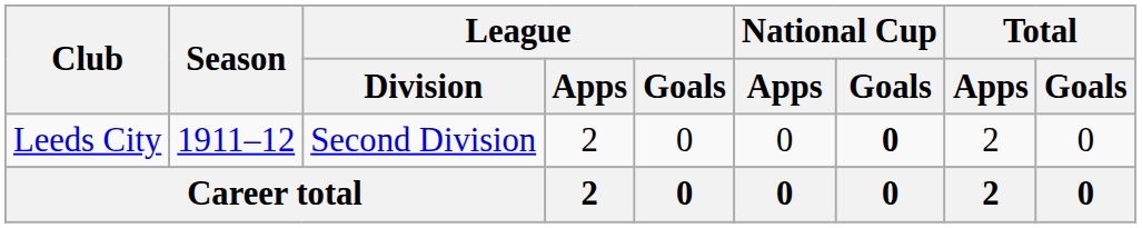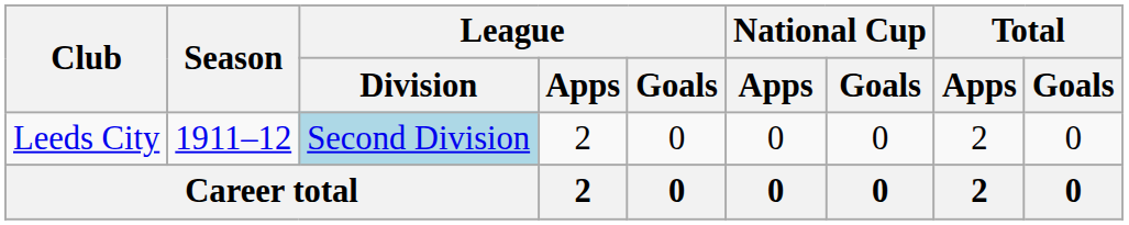 <table class="wikitable" style="text-align: center;">
 <tr>
 <th rowspan="2">Club</th>
 <th rowspan="2">Season</th>
 <th colspan="3">League</th>
 <th colspan="2">National Cup</th>
 <th colspan="2">Total</th>
 </tr>
 <tr>
 <th>Division</th>
 <th>Apps</th>
 <th>Goals</th>
 <th>Apps</th>
 <th>Goals</th>
 <th>Apps</th>
 <th>Goals</th>
 </tr>
 <tr>
 <td><a href='#'>Leeds City</a></td>
 <td><a href='#'>1911–12</a></td>
-<td><a href='#'>Second Division</a></td>
+<td style="background: lightblue;"><a href='#'>Second Division</a></td>
 <td>2</td>
 <td>0</td>
 <td>0</td>
-<td><strong>0</strong></td>
+<td>0</td>
 <td>2</td>
 <td>0</td>
 </tr>
 <tr>
 <th colspan="3">Career total</th>
 <th>2</th>
 <th>0</th>
 <th>0</th>
 <th>0</th>
 <th>2</th>
 <th>0</th>
 </tr>
 </table>
